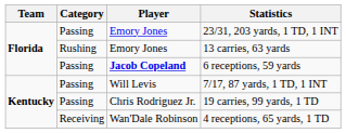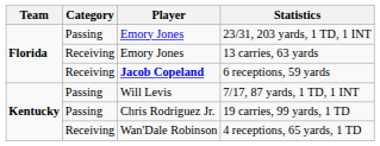 <table class="wikitable" style="float: right;">
 <tr>
 <th>Team</th>
 <th>Category</th>
 <th>Player</th>
 <th>Statistics</th>
 </tr>
 <tr>
 <td rowspan=3><strong>Florida</strong></td>
 <td>Passing</td>
 <td><a href='#'>Emory Jones</a></td>
 <td>23/31, 203 yards, 1 TD, 1 INT</td>
 </tr>
 <tr>
-<td>Rushing</td>
+<td>Receiving</td>
 <td>Emory Jones</td>
 <td>13 carries, 63 yards</td>
 </tr>
 <tr>
-<td>Passing</td>
+<td>Receiving</td>
 <td><strong><a href='#'>Jacob Copeland</a></strong></td>
 <td>6 receptions, 59 yards</td>
 </tr>
 <tr>
 <td rowspan=3><strong>Kentucky</strong></td>
 <td>Passing</td>
 <td>Will Levis</td>
 <td>7/17, 87 yards, 1 TD, 1 INT</td>
 </tr>
 <tr>
 <td>Passing</td>
 <td>Chris Rodriguez Jr.</td>
 <td>19 carries, 99 yards, 1 TD</td>
 </tr>
 <tr>
 <td>Receiving</td>
 <td>Wan'Dale Robinson</td>
 <td>4 receptions, 65 yards, 1 TD</td>
 </tr>
 </table>
